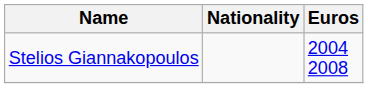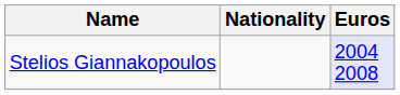 <table class="wikitable sortable" style="text-align: left">
 <tr>
 <th>Name</th>
 <th>Nationality</th>
 <th>Euros</th>
 </tr>
 <tr>
 <td align=left><a href='#'>Stelios Giannakopoulos</a></td>
 <td align=left></td>
-<td align=left><a href='#'>2004</a><br><a href='#'>2008</a></td>
+<td align=left style="background: lavender;"><a href='#'>2004</a><br><a href='#'>2008</a></td>
 </tr>
 <tr>
 </tr>
 </table>
